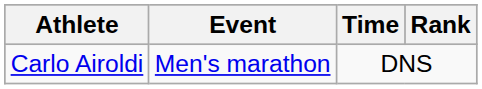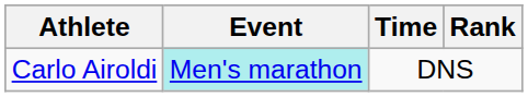 <table class="wikitable" style="font-size:90%">
 <tr>
 <th>Athlete</th>
 <th>Event</th>
 <th>Time</th>
 <th>Rank</th>
 </tr>
 <tr>
 <td><a href='#'>Carlo Airoldi</a></td>
-<td><a href='#'>Men's marathon</a></td>
+<td style="background: paleturquoise;"><a href='#'>Men's marathon</a></td>
 <td colspan="2" align="center">DNS</td>
 </tr>
 </table>
